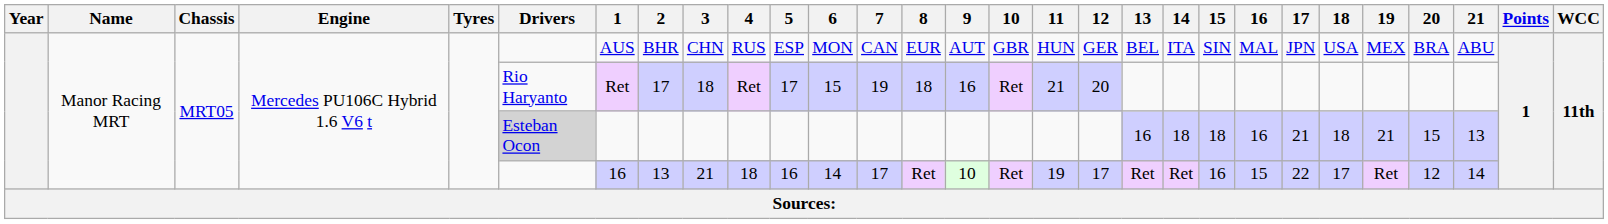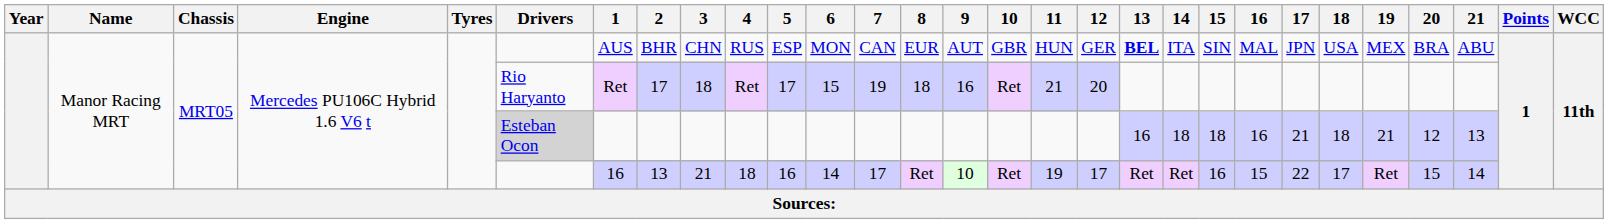 <table class="wikitable" style="text-align:center; font-size:85%">
 <tr>
 <th>Year</th>
 <th>Name</th>
 <th>Chassis</th>
 <th>Engine</th>
 <th>Tyres</th>
 <th>Drivers</th>
 <th>1</th>
 <th>2</th>
 <th>3</th>
 <th>4</th>
 <th>5</th>
 <th>6</th>
 <th>7</th>
 <th>8</th>
 <th>9</th>
 <th>10</th>
 <th>11</th>
 <th>12</th>
 <th>13</th>
 <th>14</th>
 <th>15</th>
 <th>16</th>
 <th>17</th>
 <th>18</th>
 <th>19</th>
 <th>20</th>
 <th>21</th>
 <th><a href='#'>Points</a></th>
 <th>WCC</th>
 </tr>
 <tr>
 <th rowspan="4"></th>
 <td rowspan="4">Manor Racing MRT</td>
 <td rowspan="4"><a href='#'>MRT05</a></td>
 <td rowspan="4"><a href='#'>Mercedes</a> PU106C Hybrid 1.6 <a href='#'>V6</a> <a href='#'>t</a></td>
 <td rowspan="4"></td>
 <td></td>
 <td><a href='#'>AUS</a></td>
 <td><a href='#'>BHR</a></td>
 <td><a href='#'>CHN</a></td>
 <td><a href='#'>RUS</a></td>
 <td><a href='#'>ESP</a></td>
 <td><a href='#'>MON</a></td>
 <td><a href='#'>CAN</a></td>
 <td><a href='#'>EUR</a></td>
 <td><a href='#'>AUT</a></td>
 <td><a href='#'>GBR</a></td>
 <td><a href='#'>HUN</a></td>
 <td><a href='#'>GER</a></td>
-<td><a href='#'>BEL</a></td>
+<td><strong><a href='#'>BEL</a></strong></td>
 <td><a href='#'>ITA</a></td>
 <td><a href='#'>SIN</a></td>
 <td><a href='#'>MAL</a></td>
 <td><a href='#'>JPN</a></td>
 <td><a href='#'>USA</a></td>
 <td><a href='#'>MEX</a></td>
 <td><a href='#'>BRA</a></td>
 <td><a href='#'>ABU</a></td>
 <th rowspan="4">1</th>
 <th rowspan="4">11th</th>
 </tr>
 <tr>
 <td align="left"> <a href='#'>Rio Haryanto</a></td>
 <td style="background:#efcfff;">Ret</td>
 <td style="background:#cfcfff;">17</td>
 <td style="background:#cfcfff;">18</td>
 <td style="background:#efcfff;">Ret</td>
 <td style="background:#cfcfff;">17</td>
 <td style="background:#cfcfff;">15</td>
 <td style="background:#cfcfff;">19</td>
 <td style="background:#cfcfff;">18</td>
 <td style="background:#cfcfff;">16</td>
 <td style="background:#efcfff;">Ret</td>
 <td style="background:#cfcfff;">21</td>
 <td style="background:#cfcfff;">20</td>
 <td></td>
 <td></td>
 <td></td>
 <td></td>
 <td></td>
 <td></td>
 <td></td>
 <td></td>
 <td></td>
 </tr>
 <tr>
 <td align="left" style="background: lightgrey;"> <a href='#'>Esteban Ocon</a></td>
 <td></td>
 <td></td>
 <td></td>
 <td></td>
 <td></td>
 <td></td>
 <td></td>
 <td></td>
 <td></td>
 <td></td>
 <td></td>
 <td></td>
 <td style="background:#cfcfff;">16</td>
 <td style="background:#cfcfff;">18</td>
 <td style="background:#cfcfff;">18</td>
 <td style="background:#cfcfff;">16</td>
 <td style="background:#cfcfff;">21</td>
 <td style="background:#cfcfff;">18</td>
 <td style="background:#cfcfff;">21</td>
-<td style="background:#cfcfff;">15</td>
+<td style="background:#cfcfff;">12</td>
 <td style="background:#cfcfff;">13</td>
 </tr>
 <tr>
 <td align="left"></td>
 <td style="background:#cfcfff;">16</td>
 <td style="background:#cfcfff;">13</td>
 <td style="background:#cfcfff;">21</td>
 <td style="background:#cfcfff;">18</td>
 <td style="background:#cfcfff;">16</td>
 <td style="background:#cfcfff;">14</td>
 <td style="background:#cfcfff;">17</td>
 <td style="background:#efcfff;">Ret</td>
 <td style="background:#dfffdf;">10</td>
 <td style="background:#efcfff;">Ret</td>
 <td style="background:#cfcfff;">19</td>
 <td style="background:#cfcfff;">17</td>
 <td style="background:#efcfff;">Ret</td>
 <td style="background:#efcfff;">Ret</td>
 <td style="background:#cfcfff;">16</td>
 <td style="background:#cfcfff;">15</td>
 <td style="background:#cfcfff;">22</td>
 <td style="background:#cfcfff;">17</td>
 <td style="background:#efcfff;">Ret</td>
-<td style="background:#cfcfff;">12</td>
+<td style="background:#cfcfff;">15</td>
 <td style="background:#cfcfff;">14</td>
 </tr>
 <tr>
 <th colspan="29">Sources:</th>
 </tr>
 </table>
